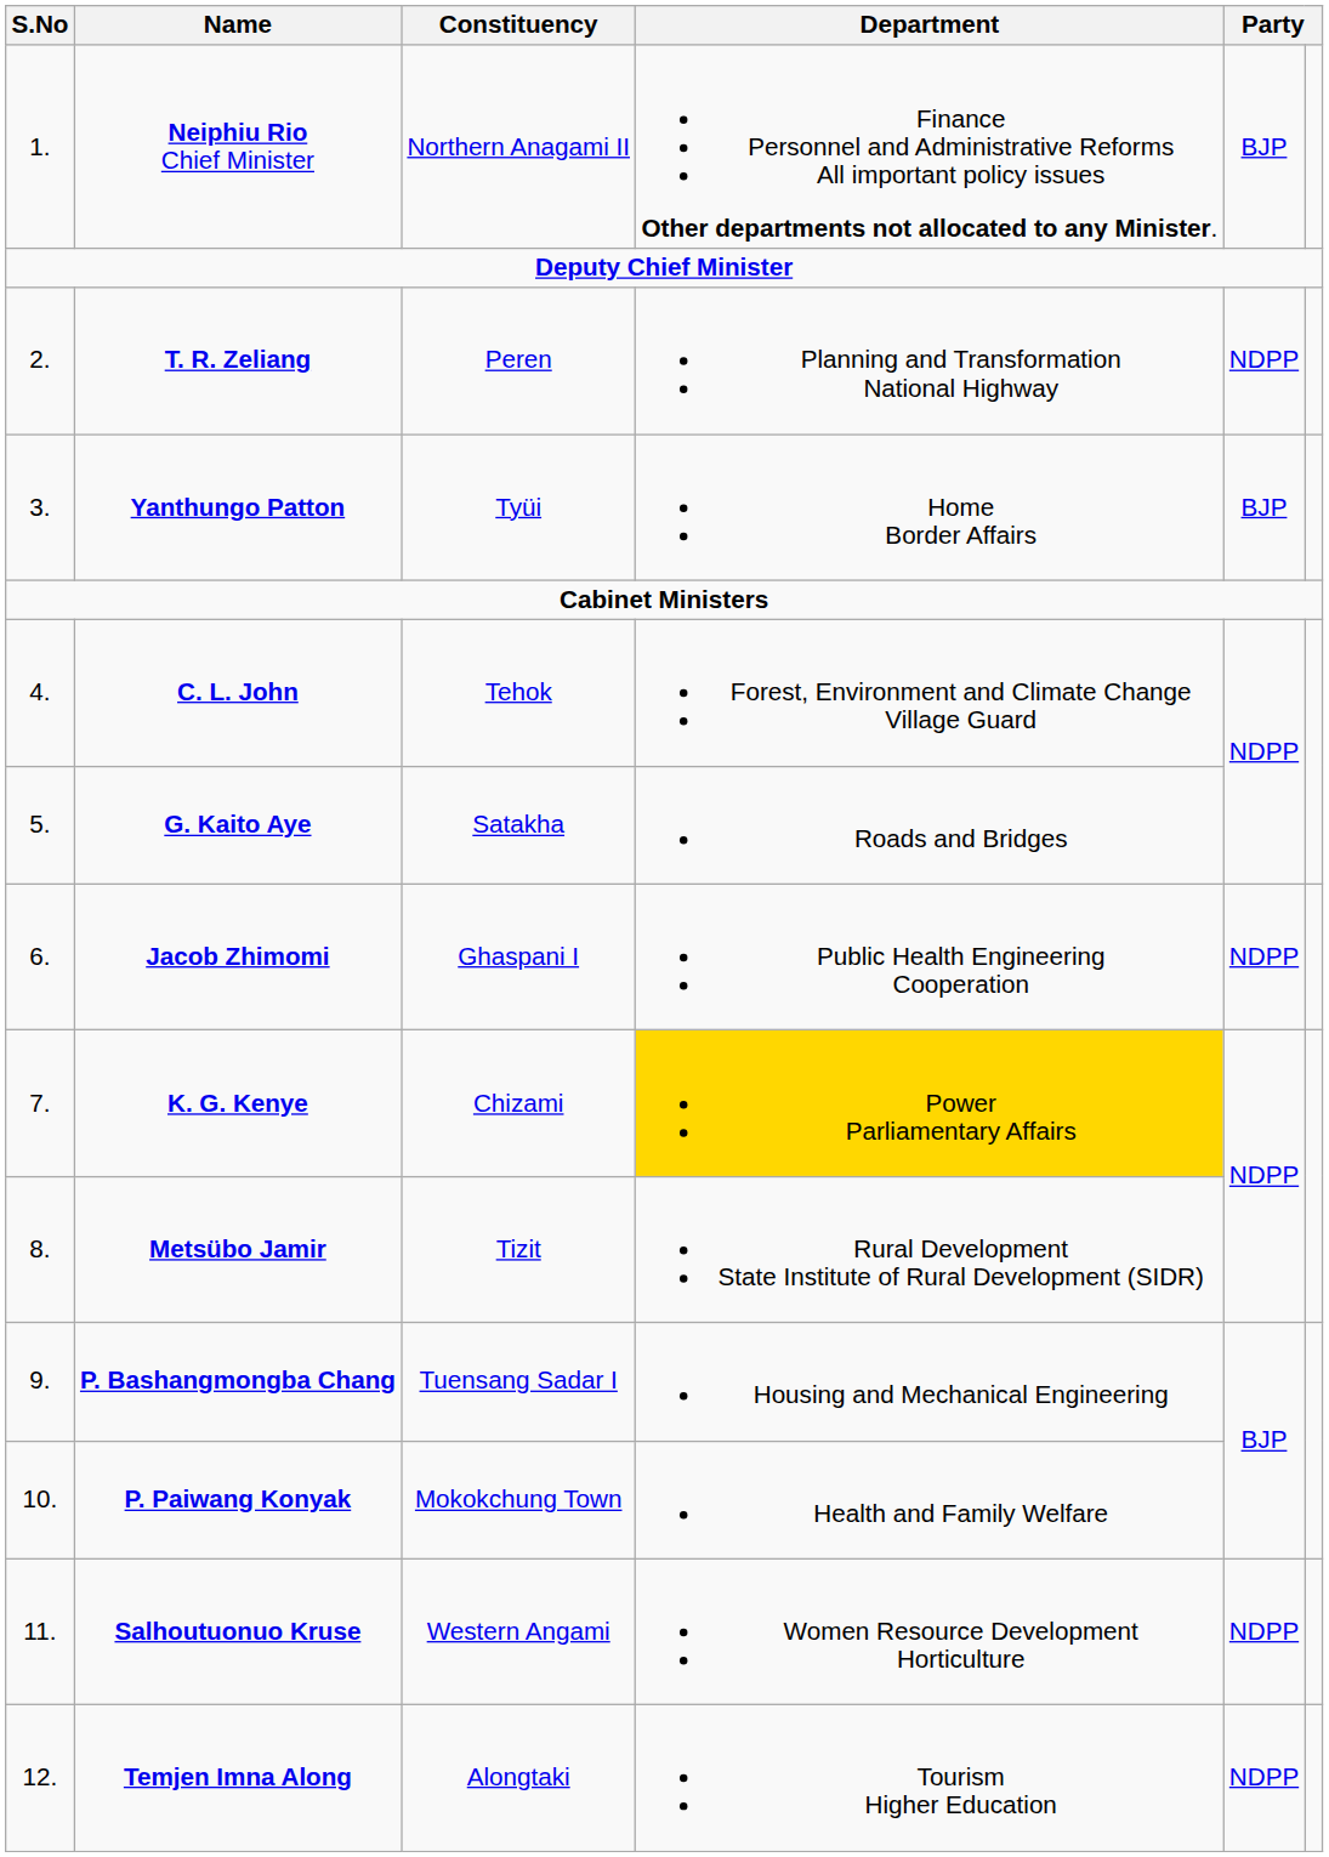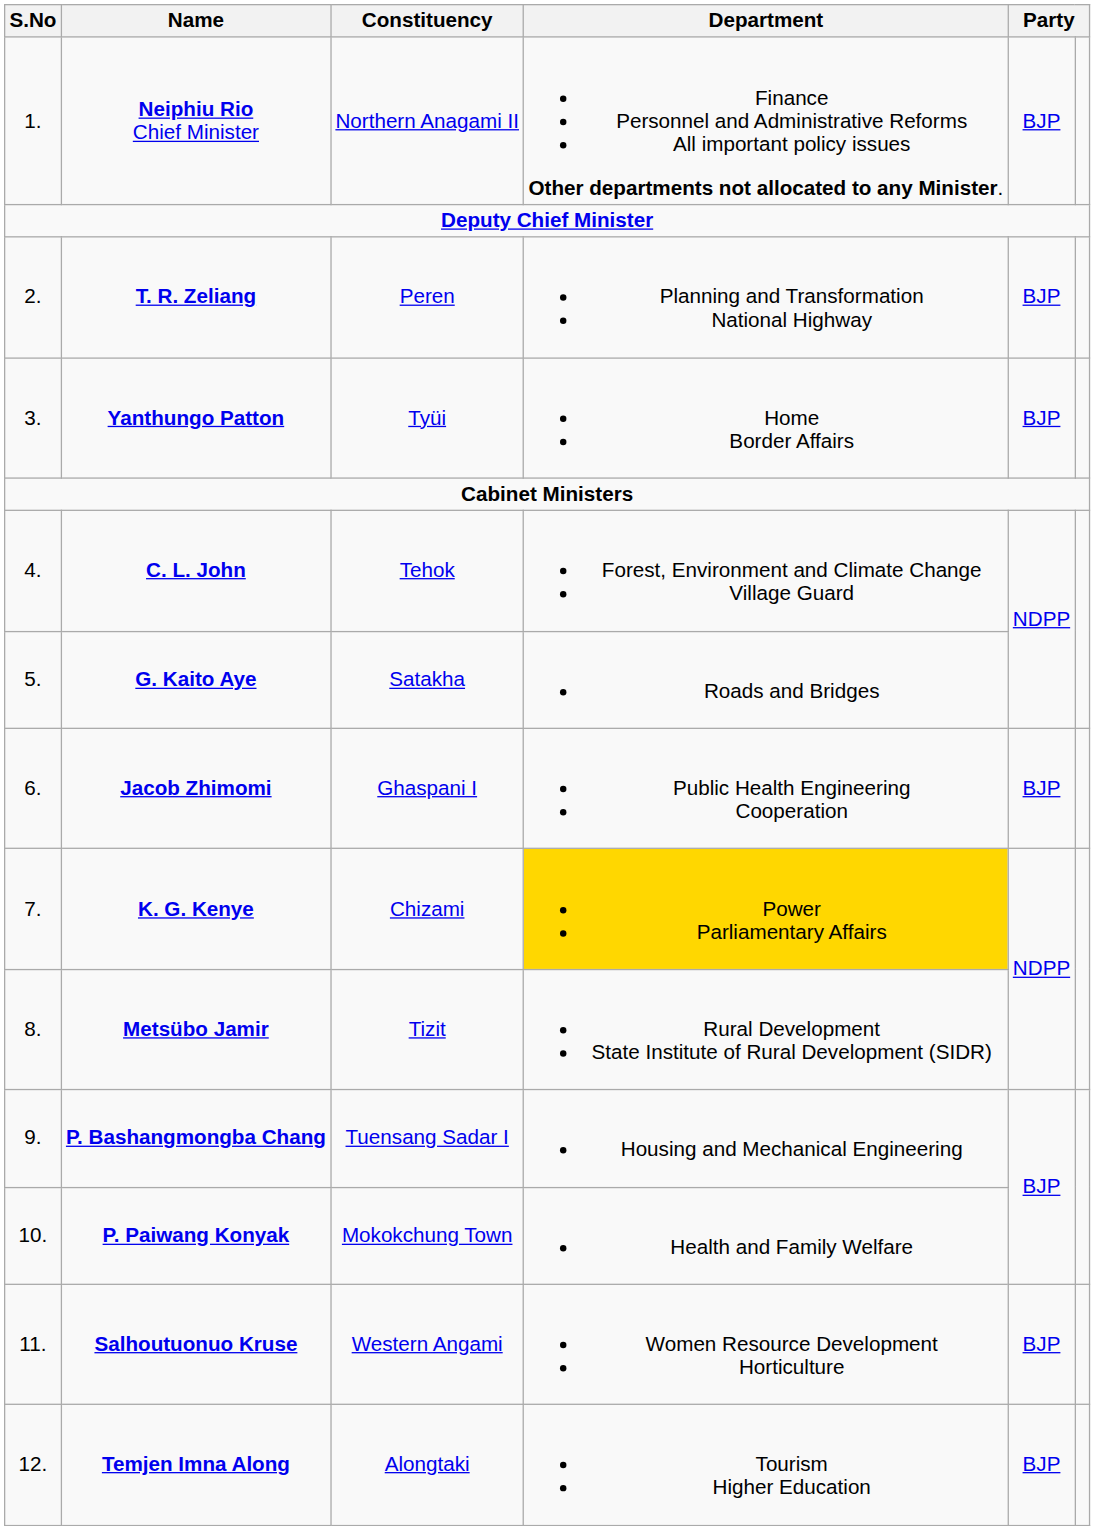 <table class="wikitable sortable" style="text-align:center;">
 <tr>
 <th>S.No</th>
 <th>Name</th>
 <th>Constituency</th>
 <th>Department</th>
 <th colspan="2" scope="col">Party</th>
 </tr>
 <tr>
 <td>1.</td>
 <td><strong><a href='#'>Neiphiu Rio</a></strong><br><a href='#'>Chief Minister</a></td>
 <td><a href='#'>Northern Anagami II</a></td>
 <td><br><ul><li>Finance</li><li>Personnel and Administrative Reforms</li><li>All important policy issues</li></ul><strong>Other departments not allocated to any Minister</strong>.</td>
 <td><a href='#'>BJP</a></td>
 <td width="4px"></td>
 </tr>
 <tr>
 <td style="text-align: center;" colspan=6><strong><a href='#'>Deputy Chief Minister</a></strong></td>
 </tr>
 <tr>
 <td>2.</td>
 <td><strong><a href='#'>T. R. Zeliang</a></strong></td>
 <td><a href='#'>Peren</a></td>
 <td><br><ul><li>Planning and Transformation</li><li>National Highway</li></ul></td>
-<td><a href='#'>NDPP</a></td>
+<td><a href='#'>BJP</a></td>
 <td width="4px"></td>
 </tr>
 <tr>
 <td>3.</td>
 <td><strong><a href='#'>Yanthungo Patton</a></strong></td>
 <td><a href='#'>Tyüi</a></td>
 <td><br><ul><li>Home</li><li>Border Affairs</li></ul></td>
 <td><a href='#'>BJP</a></td>
 <td width="4px"></td>
 </tr>
 <tr>
 <td style="text-align: center;" colspan=6><strong>Cabinet Ministers</strong></td>
 </tr>
 <tr>
 <td>4.</td>
 <td><strong><a href='#'>C. L. John</a></strong></td>
 <td><a href='#'>Tehok</a></td>
 <td><br><ul><li>Forest, Environment and Climate Change</li><li>Village Guard</li></ul></td>
 <td rowspan="2"><a href='#'>NDPP</a></td>
 <td rowspan="2" width="4px"></td>
 </tr>
 <tr>
 <td>5.</td>
 <td><strong><a href='#'>G. Kaito Aye</a></strong></td>
 <td><a href='#'>Satakha</a></td>
 <td><br><ul><li>Roads and Bridges</li></ul></td>
 </tr>
 <tr>
 <td>6.</td>
 <td><strong><a href='#'>Jacob Zhimomi</a></strong></td>
 <td><a href='#'>Ghaspani I</a></td>
 <td><br><ul><li>Public Health Engineering</li><li>Cooperation</li></ul></td>
-<td><a href='#'>NDPP</a></td>
+<td><a href='#'>BJP</a></td>
 <td width="4px"></td>
 </tr>
 <tr>
 <td>7.</td>
 <td><strong><a href='#'>K. G. Kenye</a></strong></td>
 <td><a href='#'>Chizami</a></td>
 <td style="background: gold;"><br><ul><li>Power</li><li>Parliamentary Affairs</li></ul></td>
 <td rowspan="2"><a href='#'>NDPP</a></td>
 <td rowspan=2 width="4px"></td>
 </tr>
 <tr>
 <td>8.</td>
 <td><strong><a href='#'>Metsübo Jamir</a></strong></td>
 <td><a href='#'>Tizit</a></td>
 <td><br><ul><li>Rural Development</li><li>State Institute of Rural Development (SIDR)</li></ul></td>
 </tr>
 <tr>
 <td>9.</td>
 <td><strong><a href='#'>P. Bashangmongba Chang</a></strong></td>
 <td><a href='#'>Tuensang Sadar I</a></td>
 <td><br><ul><li>Housing and Mechanical Engineering</li></ul></td>
 <td rowspan="2"><a href='#'>BJP</a></td>
 <td rowspan=2 width="4px"></td>
 </tr>
 <tr>
 <td>10.</td>
 <td><strong><a href='#'>P. Paiwang Konyak</a></strong></td>
 <td><a href='#'>Mokokchung Town</a></td>
 <td><br><ul><li>Health and Family Welfare</li></ul></td>
 </tr>
 <tr>
 <td>11.</td>
 <td><strong><a href='#'>Salhoutuonuo Kruse</a></strong></td>
 <td><a href='#'>Western Angami</a></td>
 <td><br><ul><li>Women Resource Development</li><li>Horticulture</li></ul></td>
-<td><a href='#'>NDPP</a></td>
+<td><a href='#'>BJP</a></td>
 <td width="4px"></td>
 </tr>
 <tr>
 <td>12.</td>
 <td><strong><a href='#'>Temjen Imna Along</a></strong></td>
 <td><a href='#'>Alongtaki</a></td>
 <td><br><ul><li>Tourism</li><li>Higher Education</li></ul></td>
-<td><a href='#'>NDPP</a></td>
+<td><a href='#'>BJP</a></td>
 <td width="4px"></td>
 </tr>
 </table>
